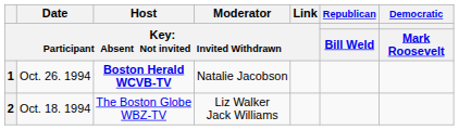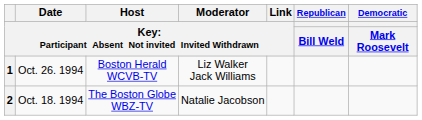 <table class="wikitable" style="text-align:center;">
 <tr>
 <th scope="col"></th>
 <th scope="col">Date</th>
 <th scope="col">Host</th>
 <th scope="col">Moderator</th>
 <th scope="col">Link</th>
 <th scope="col"><small><a href='#'>Republican</a></small></th>
 <th scope="col"><small><a href='#'>Democratic</a></small></th>
 </tr>
 <tr>
 <th colspan="5" rowspan="2">Key:<br> <small>Participant </small>  <small>Absent </small>  <small>Not invited </small>  <small>Invited  Withdrawn</small></th>
 <th scope="col" style="background:"></th>
 <th scope="col" style="background:"></th>
 </tr>
 <tr>
 <th scope="col"><a href='#'>Bill Weld</a></th>
 <th scope="col"><a href='#'>Mark Roosevelt</a></th>
 </tr>
 <tr>
 <th>1</th>
 <td style="white-space:nowrap;">Oct. 26. 1994</td>
-<td style="white-space:nowrap;"><strong><a href='#'>Boston Herald</a><br><a href='#'>WCVB-TV</a></strong></td>
-<td style="white-space:nowrap;">Natalie Jacobson</td>
+<td style="white-space:nowrap;"><a href='#'>Boston Herald</a><br><a href='#'>WCVB-TV</a></td>
+<td style="white-space:nowrap;">Liz Walker<br>Jack Williams</td>
 <td style="white-space:nowrap;"></td>
 <td></td>
 <td></td>
 </tr>
 <tr>
 <th>2</th>
 <td style="white-space:nowrap;">Oct. 18. 1994</td>
 <td style="white-space:nowrap;"><a href='#'>The Boston Globe</a><br><a href='#'>WBZ-TV</a></td>
-<td style="white-space:nowrap;">Liz Walker<br>Jack Williams</td>
+<td style="white-space:nowrap;">Natalie Jacobson</td>
 <td style="white-space:nowrap;"></td>
 <td></td>
 <td></td>
 </tr>
 </table>
